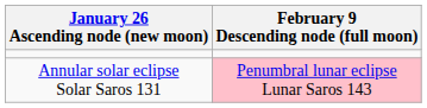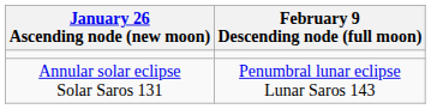 <table class="wikitable">
 <tr>
 <th><a href='#'>January 26</a><br>Ascending node (new moon)<br></th>
 <th>February 9<br>Descending node (full moon)<br></th>
 </tr>
 <tr>
 <td></td>
 <td></td>
 </tr>
 <tr align=center>
 <td><a href='#'>Annular solar eclipse</a><br>Solar Saros 131</td>
-<td style="background: pink;"><a href='#'>Penumbral lunar eclipse</a><br>Lunar Saros 143</td>
+<td><a href='#'>Penumbral lunar eclipse</a><br>Lunar Saros 143</td>
 </tr>
 </table>
